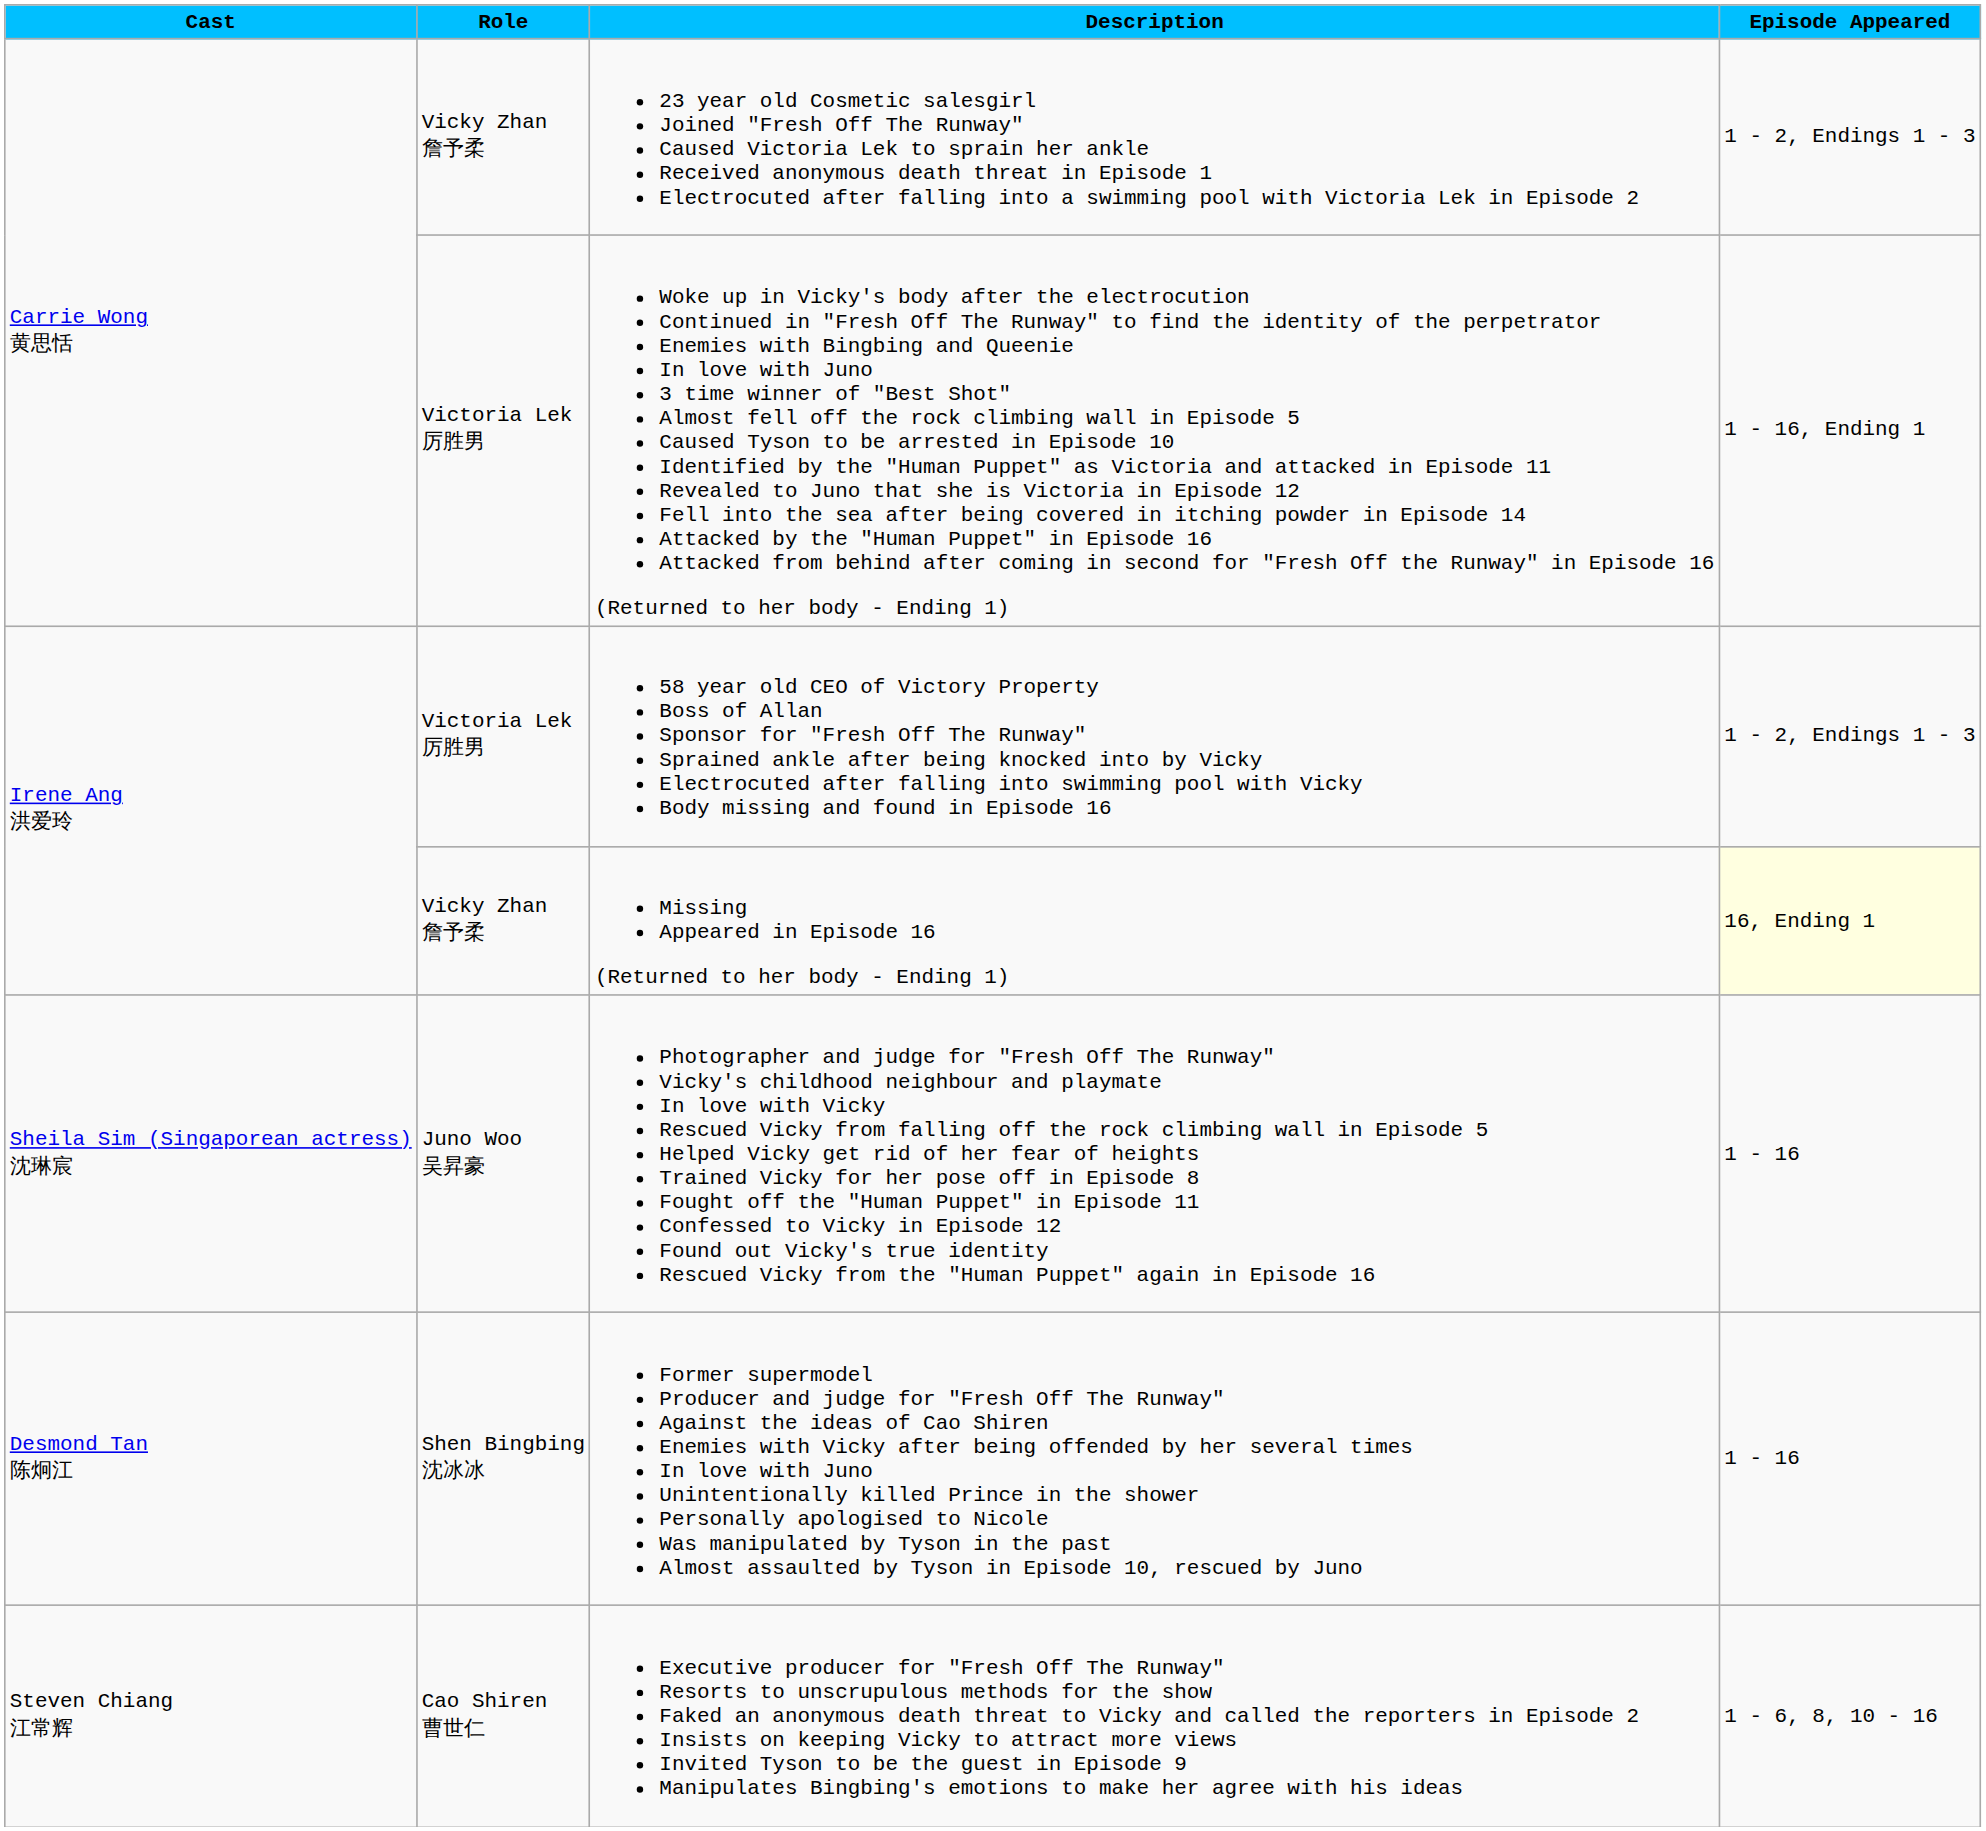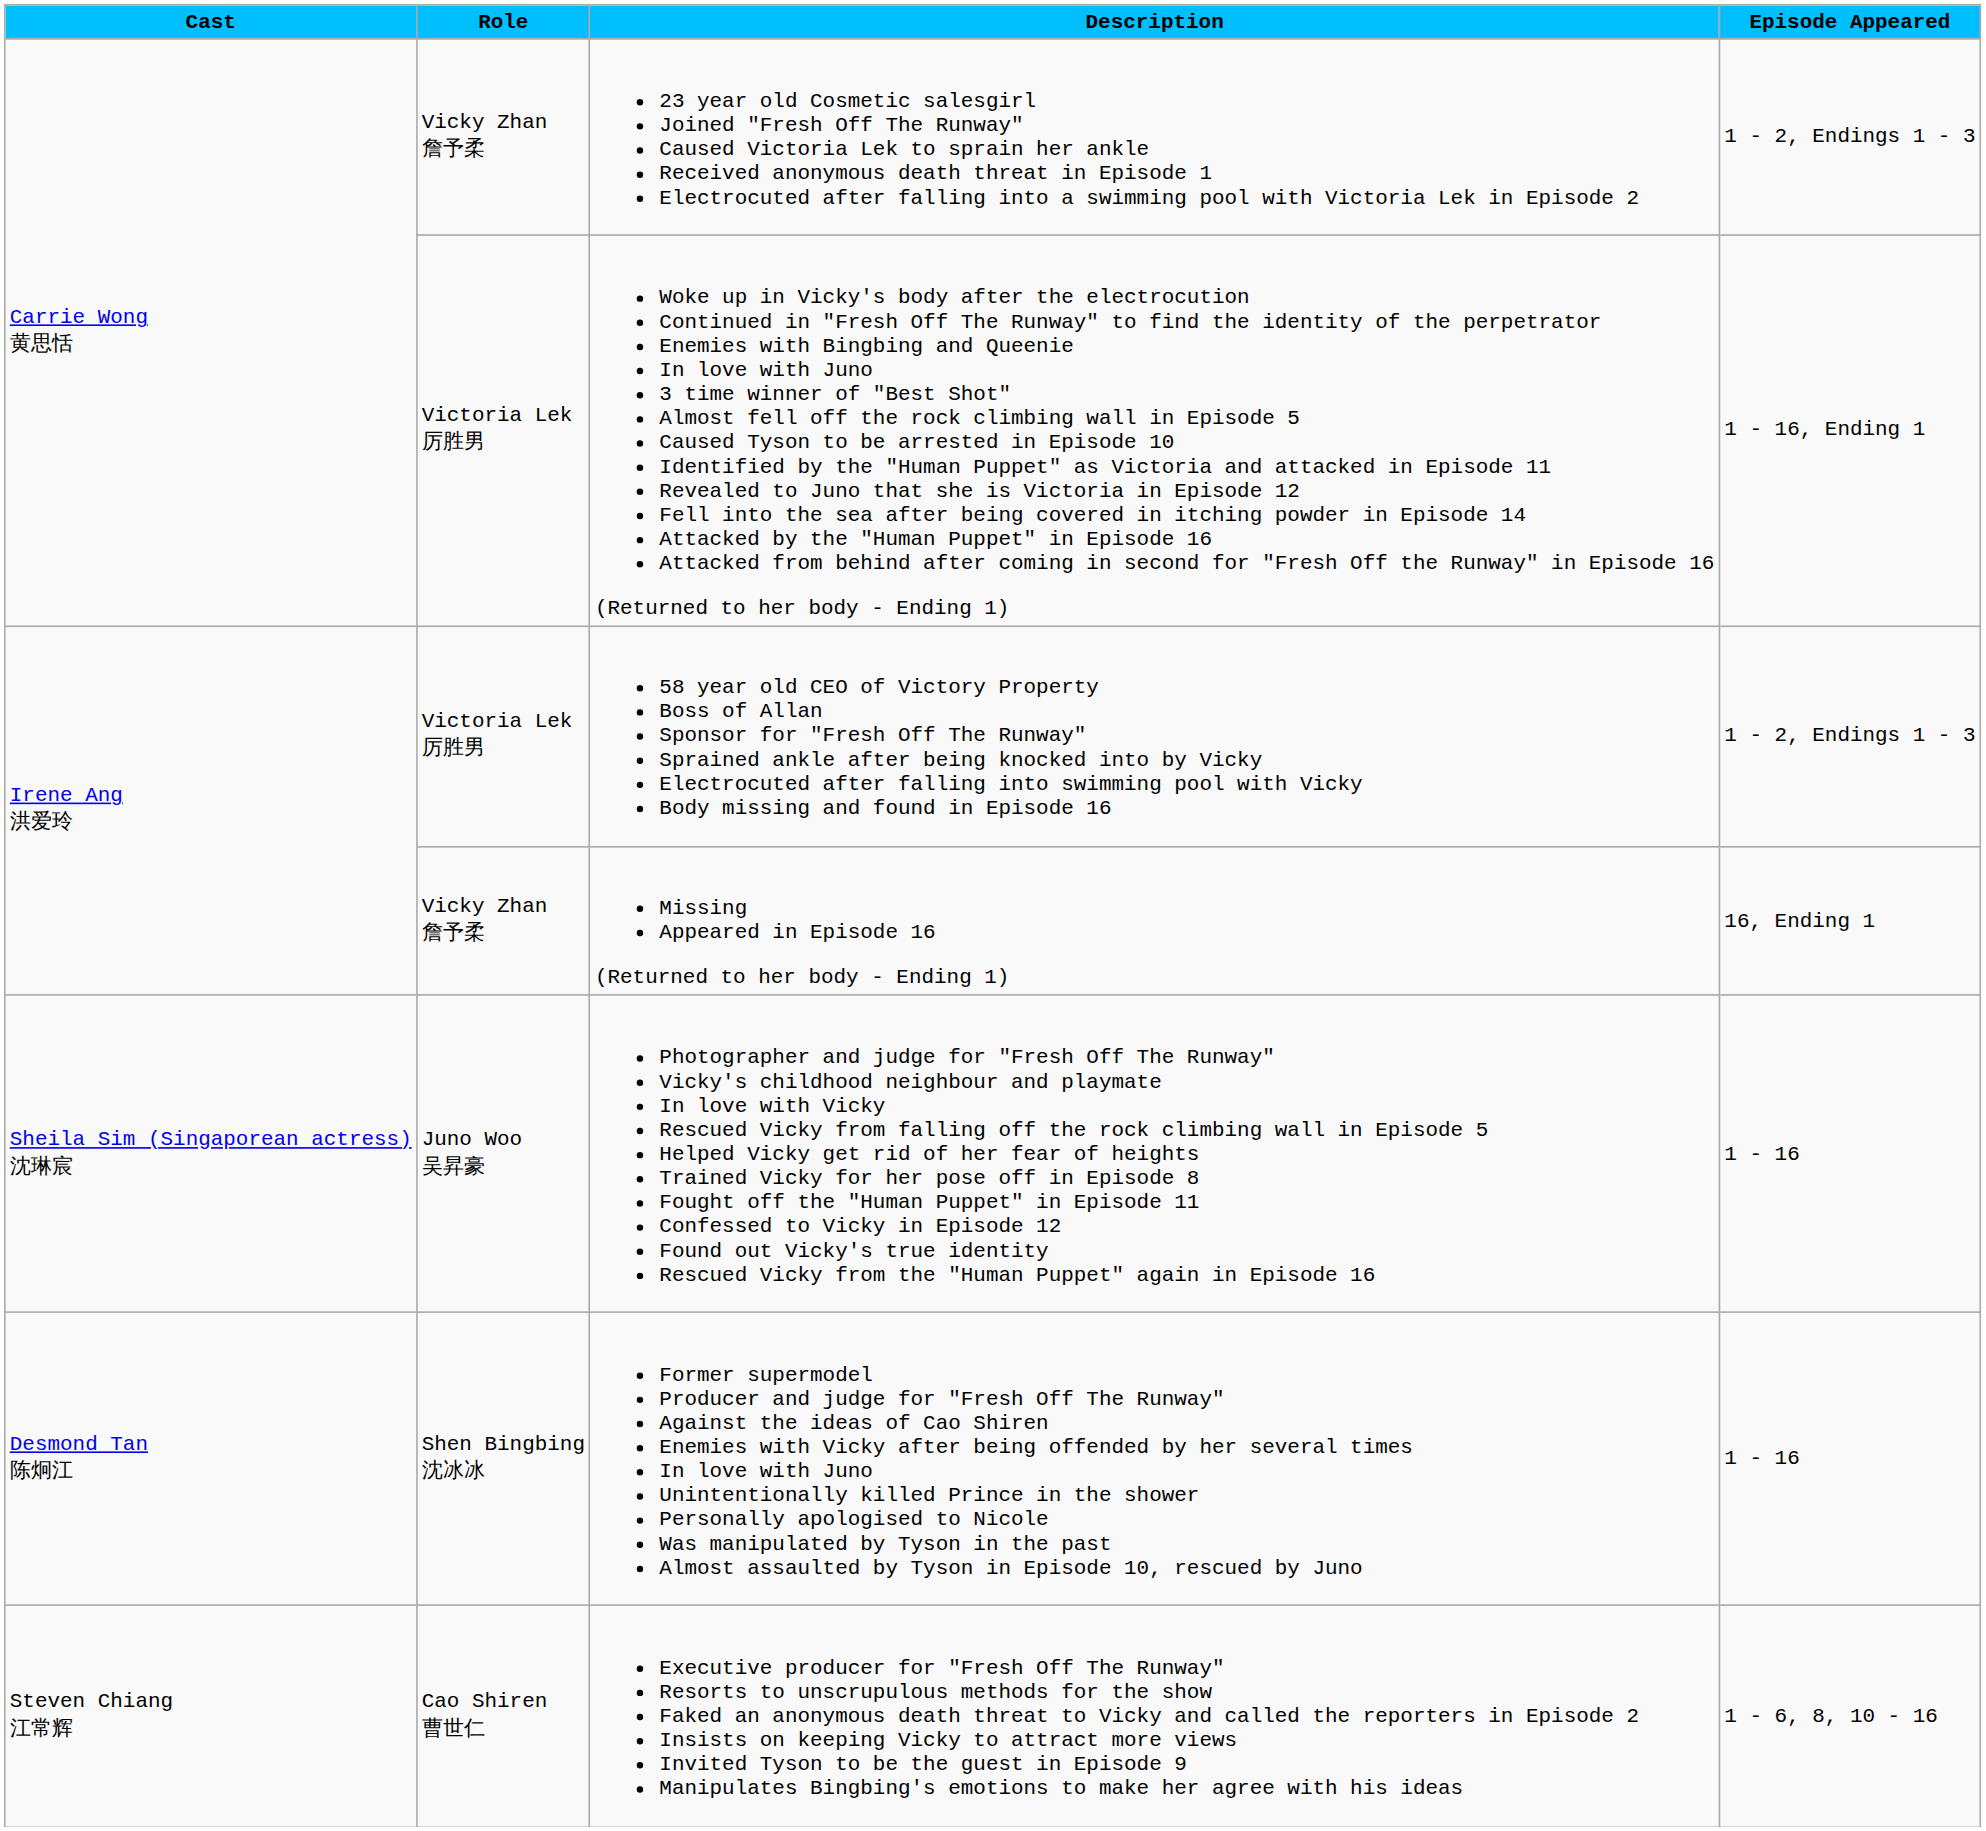 <table class="wikitable">
 <tr>
 <th style="background:#00BFFF;">Cast</th>
 <th style="background:#00BFFF;">Role</th>
 <th style="background:#00BFFF;">Description</th>
 <th style="background:#00BFFF;">Episode Appeared</th>
 </tr>
 <tr>
 <td rowspan="2"><a href='#'>Carrie Wong</a> <br> 黄思恬</td>
 <td>Vicky Zhan <br> 詹予柔</td>
 <td><br><ul><li>23 year old Cosmetic salesgirl</li><li>Joined "Fresh Off The Runway"</li><li>Caused Victoria Lek to sprain her ankle</li><li>Received anonymous death threat in Episode 1</li><li>Electrocuted after falling into a swimming pool with Victoria Lek in Episode 2</li></ul></td>
 <td>1 - 2, Endings 1 - 3</td>
 </tr>
 <tr>
 <td>Victoria Lek <br> 厉胜男</td>
 <td><br><ul><li>Woke up in Vicky's body after the electrocution</li><li>Continued in "Fresh Off The Runway" to find the identity of the perpetrator</li><li>Enemies with Bingbing and Queenie</li><li>In love with Juno</li><li>3 time winner of "Best Shot"</li><li>Almost fell off the rock climbing wall in Episode 5</li><li>Caused Tyson to be arrested in Episode 10</li><li>Identified by the "Human Puppet" as Victoria and attacked in Episode 11</li><li>Revealed to Juno that she is Victoria in Episode 12</li><li>Fell into the sea after being covered in itching powder in Episode 14</li><li>Attacked by the "Human Puppet" in Episode 16</li><li>Attacked from behind after coming in second for "Fresh Off the Runway" in Episode 16</li></ul>(Returned to her body - Ending 1)</td>
 <td>1 - 16, Ending 1</td>
 </tr>
 <tr>
 <td rowspan="2"><a href='#'>Irene Ang</a> <br> 洪爱玲</td>
 <td>Victoria Lek <br> 厉胜男</td>
 <td><br><ul><li>58 year old CEO of Victory Property</li><li>Boss of Allan</li><li>Sponsor for "Fresh Off The Runway"</li><li>Sprained ankle after being knocked into by Vicky</li><li>Electrocuted after falling into swimming pool with Vicky</li><li>Body missing and found in Episode 16</li></ul></td>
 <td>1 - 2, Endings 1 - 3</td>
 </tr>
 <tr>
 <td>Vicky Zhan <br> 詹予柔</td>
 <td><br><ul><li>Missing</li><li>Appeared in Episode 16</li></ul>(Returned to her body - Ending 1)</td>
-<td style="background: lightyellow;">16, Ending 1</td>
+<td>16, Ending 1</td>
 </tr>
 <tr>
 <td><a href='#'>Sheila Sim (Singaporean actress)</a> <br> 沈琳宸</td>
 <td>Juno Woo <br> 吴昇豪</td>
 <td><br><ul><li>Photographer and judge for "Fresh Off The Runway"</li><li>Vicky's childhood neighbour and playmate</li><li>In love with Vicky</li><li>Rescued Vicky from falling off the rock climbing wall in Episode 5</li><li>Helped Vicky get rid of her fear of heights</li><li>Trained Vicky for her pose off in Episode 8</li><li>Fought off the "Human Puppet" in Episode 11</li><li>Confessed to Vicky in Episode 12</li><li>Found out Vicky's true identity</li><li>Rescued Vicky from the "Human Puppet" again in Episode 16</li></ul></td>
 <td>1 - 16</td>
 </tr>
 <tr>
 <td><a href='#'>Desmond Tan</a> <br> 陈炯江</td>
 <td>Shen Bingbing <br> 沈冰冰</td>
 <td><br><ul><li>Former supermodel</li><li>Producer and judge for "Fresh Off The Runway"</li><li>Against the ideas of Cao Shiren</li><li>Enemies with Vicky after being offended by her several times</li><li>In love with Juno</li><li>Unintentionally killed Prince in the shower</li><li>Personally apologised to Nicole</li><li>Was manipulated by Tyson in the past</li><li>Almost assaulted by Tyson in Episode 10, rescued by Juno</li></ul></td>
 <td>1 - 16</td>
 </tr>
 <tr>
 <td>Steven Chiang <br> 江常辉</td>
 <td>Cao Shiren <br> 曹世仁</td>
 <td><br><ul><li>Executive producer for "Fresh Off The Runway"</li><li>Resorts to unscrupulous methods for the show</li><li>Faked an anonymous death threat to Vicky and called the reporters in Episode 2</li><li>Insists on keeping Vicky to attract more views</li><li>Invited Tyson to be the guest in Episode 9</li><li>Manipulates Bingbing's emotions to make her agree with his ideas</li></ul></td>
 <td>1 - 6, 8, 10 - 16</td>
 </tr>
 </table>
